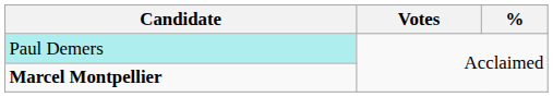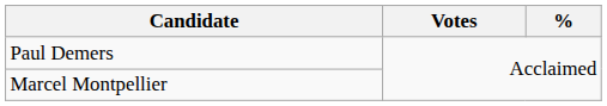 <table style="width:475px;" class="wikitable">
 <tr>
 <th align="center">Candidate</th>
 <th align="center">Votes</th>
 <th align="center">%</th>
 </tr>
 <tr>
-<td align="left" style="background: paleturquoise;">Paul Demers</td>
+<td align="left">Paul Demers</td>
 <td align="right" colspan="2" align="center" rowspan="2">Acclaimed</td>
 </tr>
 <tr>
-<td align="left"><strong>Marcel Montpellier</strong></td>
+<td align="left">Marcel Montpellier</td>
 </tr>
 </table>
